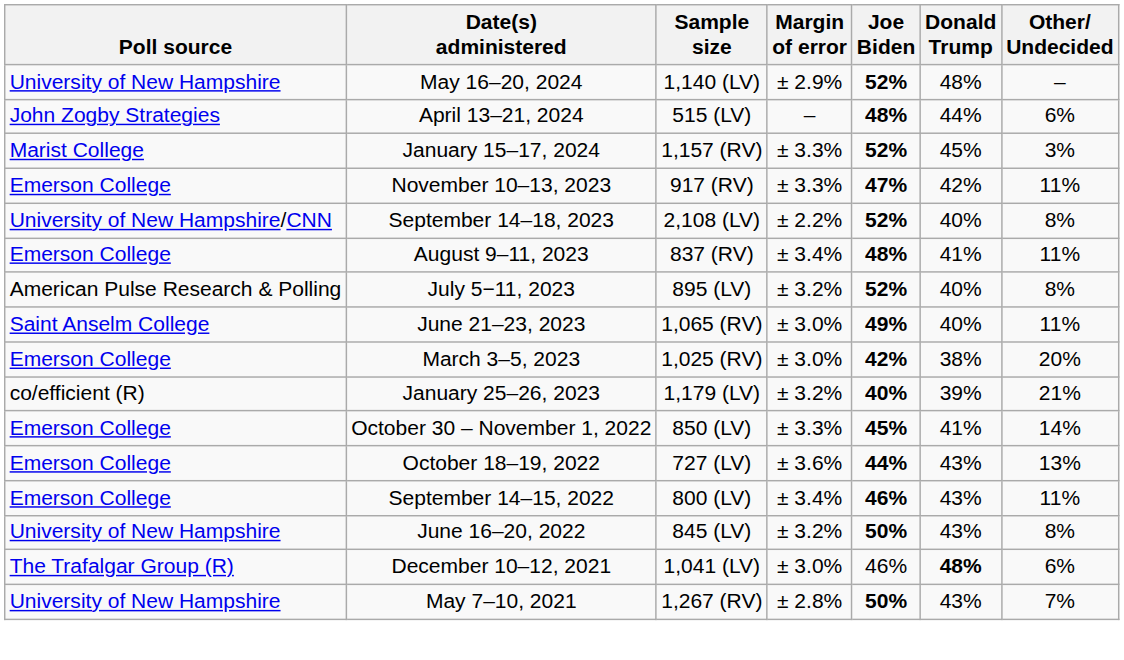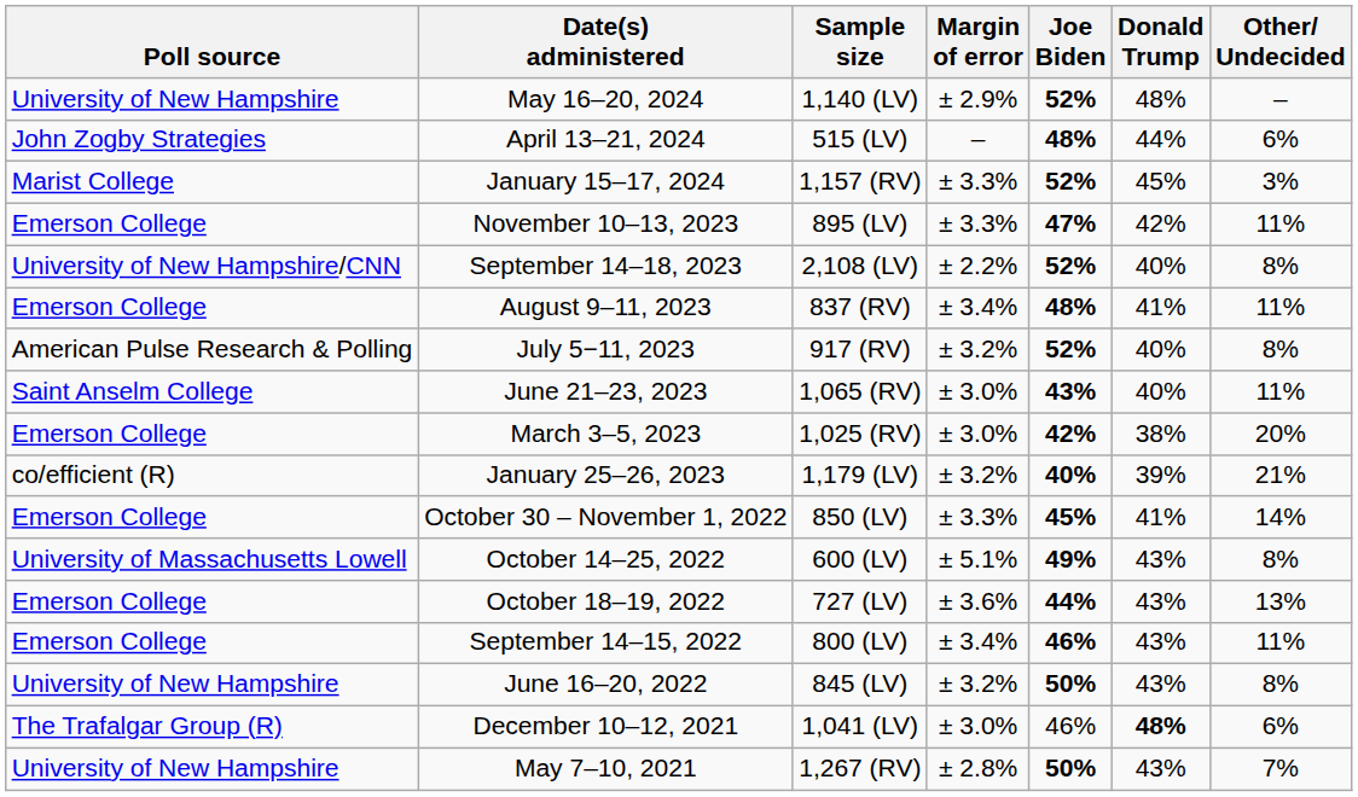 <table class="wikitable sortable mw-datatable" style="font-size:90%;text-align:center;line-height:17px">
 <tr valign=bottom>
 <th>Poll source</th>
 <th>Date(s)<br>administered</th>
 <th>Sample<br>size</th>
 <th>Margin<br>of error</th>
 <th class="unsortable">Joe<br>Biden<br></th>
 <th class="unsortable">Donald<br>Trump<br></th>
 <th class="unsortable">Other/<br>Undecided</th>
 </tr>
 <tr>
 <td style="text-align:left;"><a href='#'>University of New Hampshire</a></td>
 <td data-sort-value="2024-05-23">May 16–20, 2024</td>
 <td>1,140 (LV)</td>
 <td>± 2.9%</td>
 <td style="color:black;background-color:"><strong>52%</strong></td>
 <td>48%</td>
 <td>–</td>
 </tr>
 <tr>
 <td style="text-align:left;"><a href='#'>John Zogby Strategies</a></td>
 <td data-sort-value="2024-05-01">April 13–21, 2024</td>
 <td>515 (LV)</td>
 <td>–</td>
 <td style="color:black;background-color:"><strong>48%</strong></td>
 <td>44%</td>
 <td>6%</td>
 </tr>
 <tr>
 <td style="text-align:left;"><a href='#'>Marist College</a></td>
 <td data-sort-value="2024-01-19">January 15–17, 2024</td>
 <td>1,157 (RV)</td>
 <td>± 3.3%</td>
 <td style="color:black;background-color:"><strong>52%</strong></td>
 <td>45%</td>
 <td>3%</td>
 </tr>
 <tr>
 <td style="text-align:left;"><a href='#'>Emerson College</a></td>
 <td data-sort-value="2023-11-15">November 10–13, 2023</td>
-<td>917 (RV)</td>
+<td>895 (LV)</td>
 <td>± 3.3%</td>
 <td style="color:black;background-color:"><strong>47%</strong></td>
 <td>42%</td>
 <td>11%</td>
 </tr>
 <tr>
 <td style="text-align:left;"><a href='#'>University of New Hampshire</a>/<a href='#'>CNN</a></td>
 <td data-sort-value="2023-08-11">September 14–18, 2023</td>
 <td>2,108 (LV)</td>
 <td>± 2.2%</td>
 <td style="color:black;background-color:"><strong>52%</strong></td>
 <td>40%</td>
 <td>8%</td>
 </tr>
 <tr>
 <td style="text-align:left;"><a href='#'>Emerson College</a></td>
 <td data-sort-value="2023-08-11">August 9–11, 2023</td>
 <td>837 (RV)</td>
 <td>± 3.4%</td>
 <td style="color:black;background-color:"><strong>48%</strong></td>
 <td>41%</td>
 <td>11%</td>
 </tr>
 <tr>
 <td style="text-align:left;">American Pulse Research & Polling</td>
 <td data-sort-value="2023-07-11">July 5−11, 2023</td>
-<td>895 (LV)</td>
+<td>917 (RV)</td>
 <td>± 3.2%</td>
 <td style="color:black;background-color:"><strong>52%</strong></td>
 <td>40%</td>
 <td>8%</td>
 </tr>
 <tr>
 <td style="text-align:left;"><a href='#'>Saint Anselm College</a></td>
 <td data-sort-value="2023-06-23">June 21–23, 2023</td>
 <td>1,065 (RV)</td>
 <td>± 3.0%</td>
-<td style="color:black;background-color:"><strong>49%</strong></td>
+<td style="color:black;background-color:"><strong>43%</strong></td>
 <td>40%</td>
 <td>11%</td>
 </tr>
 <tr>
 <td style="text-align:left;"><a href='#'>Emerson College</a></td>
 <td data-sort-value="2023-03-05">March 3–5, 2023</td>
 <td>1,025 (RV)</td>
 <td>± 3.0%</td>
 <td style="color:black;background-color:"><strong>42%</strong></td>
 <td>38%</td>
 <td>20%</td>
 </tr>
 <tr>
 <td style="text-align:left;">co/efficient (R)</td>
 <td data-sort-value="2023-01-26">January 25–26, 2023</td>
 <td>1,179 (LV)</td>
 <td>± 3.2%</td>
 <td style="color:black;background-color:"><strong>40%</strong></td>
 <td>39%</td>
 <td>21%</td>
 </tr>
 <tr>
 <td style="text-align:left;"><a href='#'>Emerson College</a></td>
 <td data-sort-value="2022-11-01">October 30 – November 1, 2022</td>
 <td>850 (LV)</td>
 <td>± 3.3%</td>
 <td style="color:black;background-color:"><strong>45%</strong></td>
 <td>41%</td>
 <td>14%</td>
+</tr>
+<tr>
+<td style="text-align:left;"><a href='#'>University of Massachusetts Lowell</a></td>
+<td data-sort-value="2022-10-25">October 14–25, 2022</td>
+<td>600 (LV)</td>
+<td>± 5.1%</td>
+<td style="color:black;background-color:"><strong>49%</strong></td>
+<td>43%</td>
+<td>8%</td>
 </tr>
 <tr>
 <td style="text-align:left;"><a href='#'>Emerson College</a></td>
 <td data-sort-value="2022-10-19">October 18–19, 2022</td>
 <td>727 (LV)</td>
 <td>± 3.6%</td>
 <td style="color:black;background-color:"><strong>44%</strong></td>
 <td>43%</td>
 <td>13%</td>
 </tr>
 <tr>
 <td style="text-align:left;"><a href='#'>Emerson College</a></td>
 <td data-sort-value="2022-09-15">September 14–15, 2022</td>
 <td>800 (LV)</td>
 <td>± 3.4%</td>
 <td style="color:black;background-color:"><strong>46%</strong></td>
 <td>43%</td>
 <td>11%</td>
 </tr>
 <tr>
 <td style="text-align:left;"><a href='#'>University of New Hampshire</a></td>
 <td data-sort-value="2022-06-20">June 16–20, 2022</td>
 <td>845 (LV)</td>
 <td>± 3.2%</td>
 <td style="color:black;background-color:"><strong>50%</strong></td>
 <td>43%</td>
 <td>8%</td>
 </tr>
 <tr>
 <td style="text-align:left;"><a href='#'>The Trafalgar Group (R)</a></td>
 <td data-sort-value="2021-12-12">December 10–12, 2021</td>
 <td>1,041 (LV)</td>
 <td>± 3.0%</td>
 <td>46%</td>
 <td style="background-color:"><strong>48%</strong></td>
 <td>6%</td>
 </tr>
 <tr>
 <td style="text-align:left;"><a href='#'>University of New Hampshire</a></td>
 <td data-sort-value="2021-05-10">May 7–10, 2021</td>
 <td>1,267 (RV)</td>
 <td>± 2.8%</td>
 <td style="color:black;background-color:"><strong>50%</strong></td>
 <td>43%</td>
 <td>7%</td>
 </tr>
 </table>
